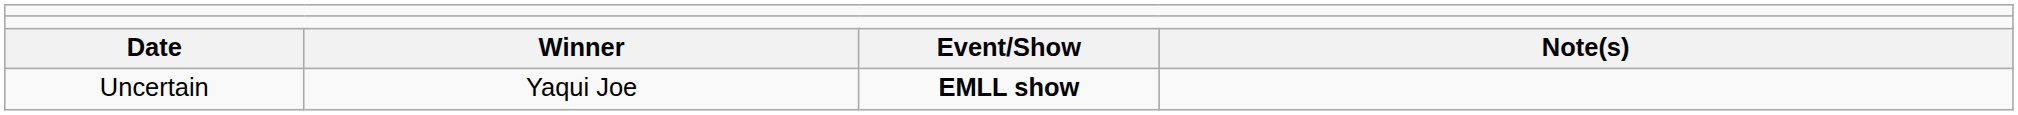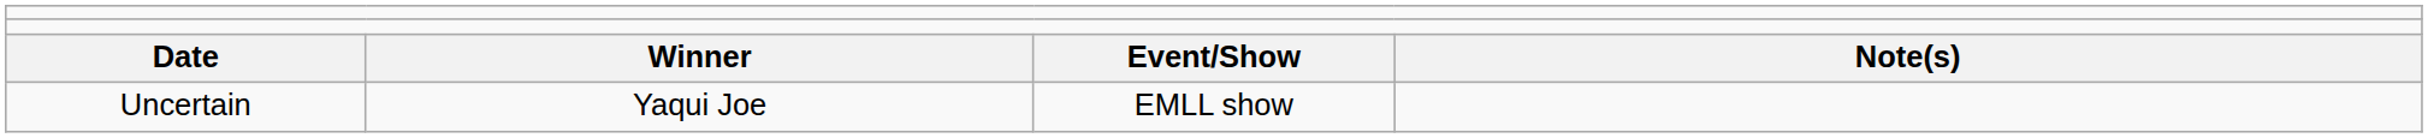 <table class="wikitable" style="text-align:center; width:100%;">
 <tr>
 <td colspan=5></td>
 </tr>
 <tr>
 <td colspan=5><strong></strong></td>
 </tr>
 <tr>
 <th width=14%>Date</th>
 <th width=26%>Winner</th>
 <th width=14%>Event/Show</th>
 <th width=40%>Note(s)</th>
 </tr>
 <tr>
 <td>Uncertain</td>
 <td>Yaqui Joe</td>
-<td><strong>EMLL show</strong></td>
+<td>EMLL show</td>
 <td align=left></td>
 </tr>
 </table>
